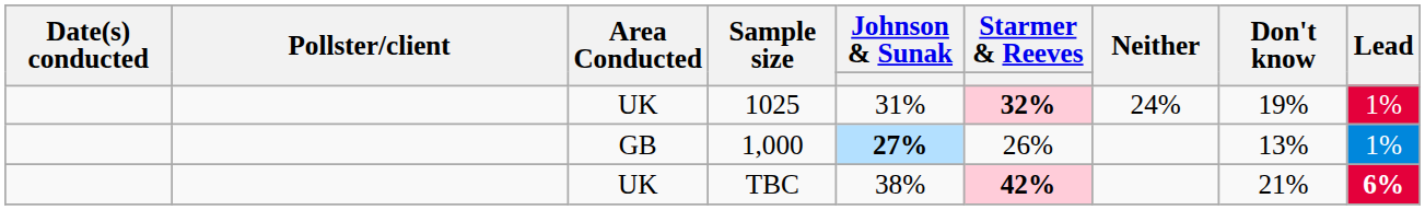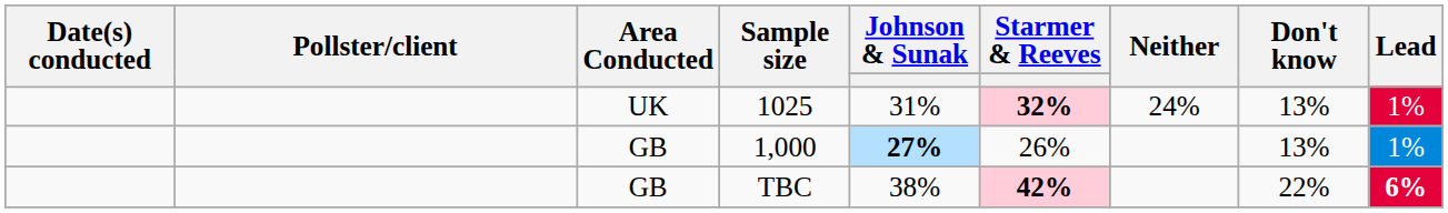 <table class="wikitable collapsible sortable mw-datatable" style="text-align:center;font-size:90%;line-height:14px">
 <tr>
 <th style="width:80px;" rowspan="2">Date(s)<br>conducted</th>
 <th style="width:200px;" rowspan="2">Pollster/client</th>
 <th style="width:60px;" rowspan="2">Area Conducted</th>
 <th style="width:60px;" rowspan="2">Sample size</th>
 <th style="width:60px;" class="unsortable"><a href='#'>Johnson</a> & <a href='#'>Sunak</a></th>
 <th style="width:60px;" class="unsortable"><a href='#'>Starmer</a> & <a href='#'>Reeves</a></th>
 <th style="width:60px;" rowspan="2" class="unsortable">Neither</th>
 <th style="width:60px;" rowspan="2" class="unsortable">Don't know</th>
 <th class="unsortable" style="width:20px;" rowspan="2">Lead</th>
 </tr>
 <tr>
 <th class="unsortable" style="color:inherit;background:"></th>
 <th class="unsortable" style="color:inherit;background:"></th>
 </tr>
 <tr>
 <td></td>
 <td></td>
 <td>UK</td>
 <td>1025</td>
 <td>31%</td>
 <td style="background:#FFCCD9;"><strong>32%</strong></td>
 <td>24%</td>
-<td>19%</td>
+<td>13%</td>
 <td style="background:#E4003B; color:white;">1%</td>
 </tr>
 <tr>
 <td></td>
 <td></td>
 <td>GB</td>
 <td>1,000</td>
 <td style="background:#B3E0FF"><strong>27%</strong></td>
 <td>26%</td>
 <td> </td>
 <td>13%</td>
 <td style="background:#0087DC; color:white;">1%</td>
 </tr>
 <tr>
 <td></td>
 <td></td>
-<td>UK</td>
+<td>GB</td>
 <td>TBC</td>
 <td>38%</td>
 <td style="background:#FFCCD9;"><strong>42%</strong></td>
 <td></td>
-<td>21%</td>
+<td>22%</td>
 <td style="background:#E4003B; color:white;"><strong>6%</strong></td>
 </tr>
 </table>
